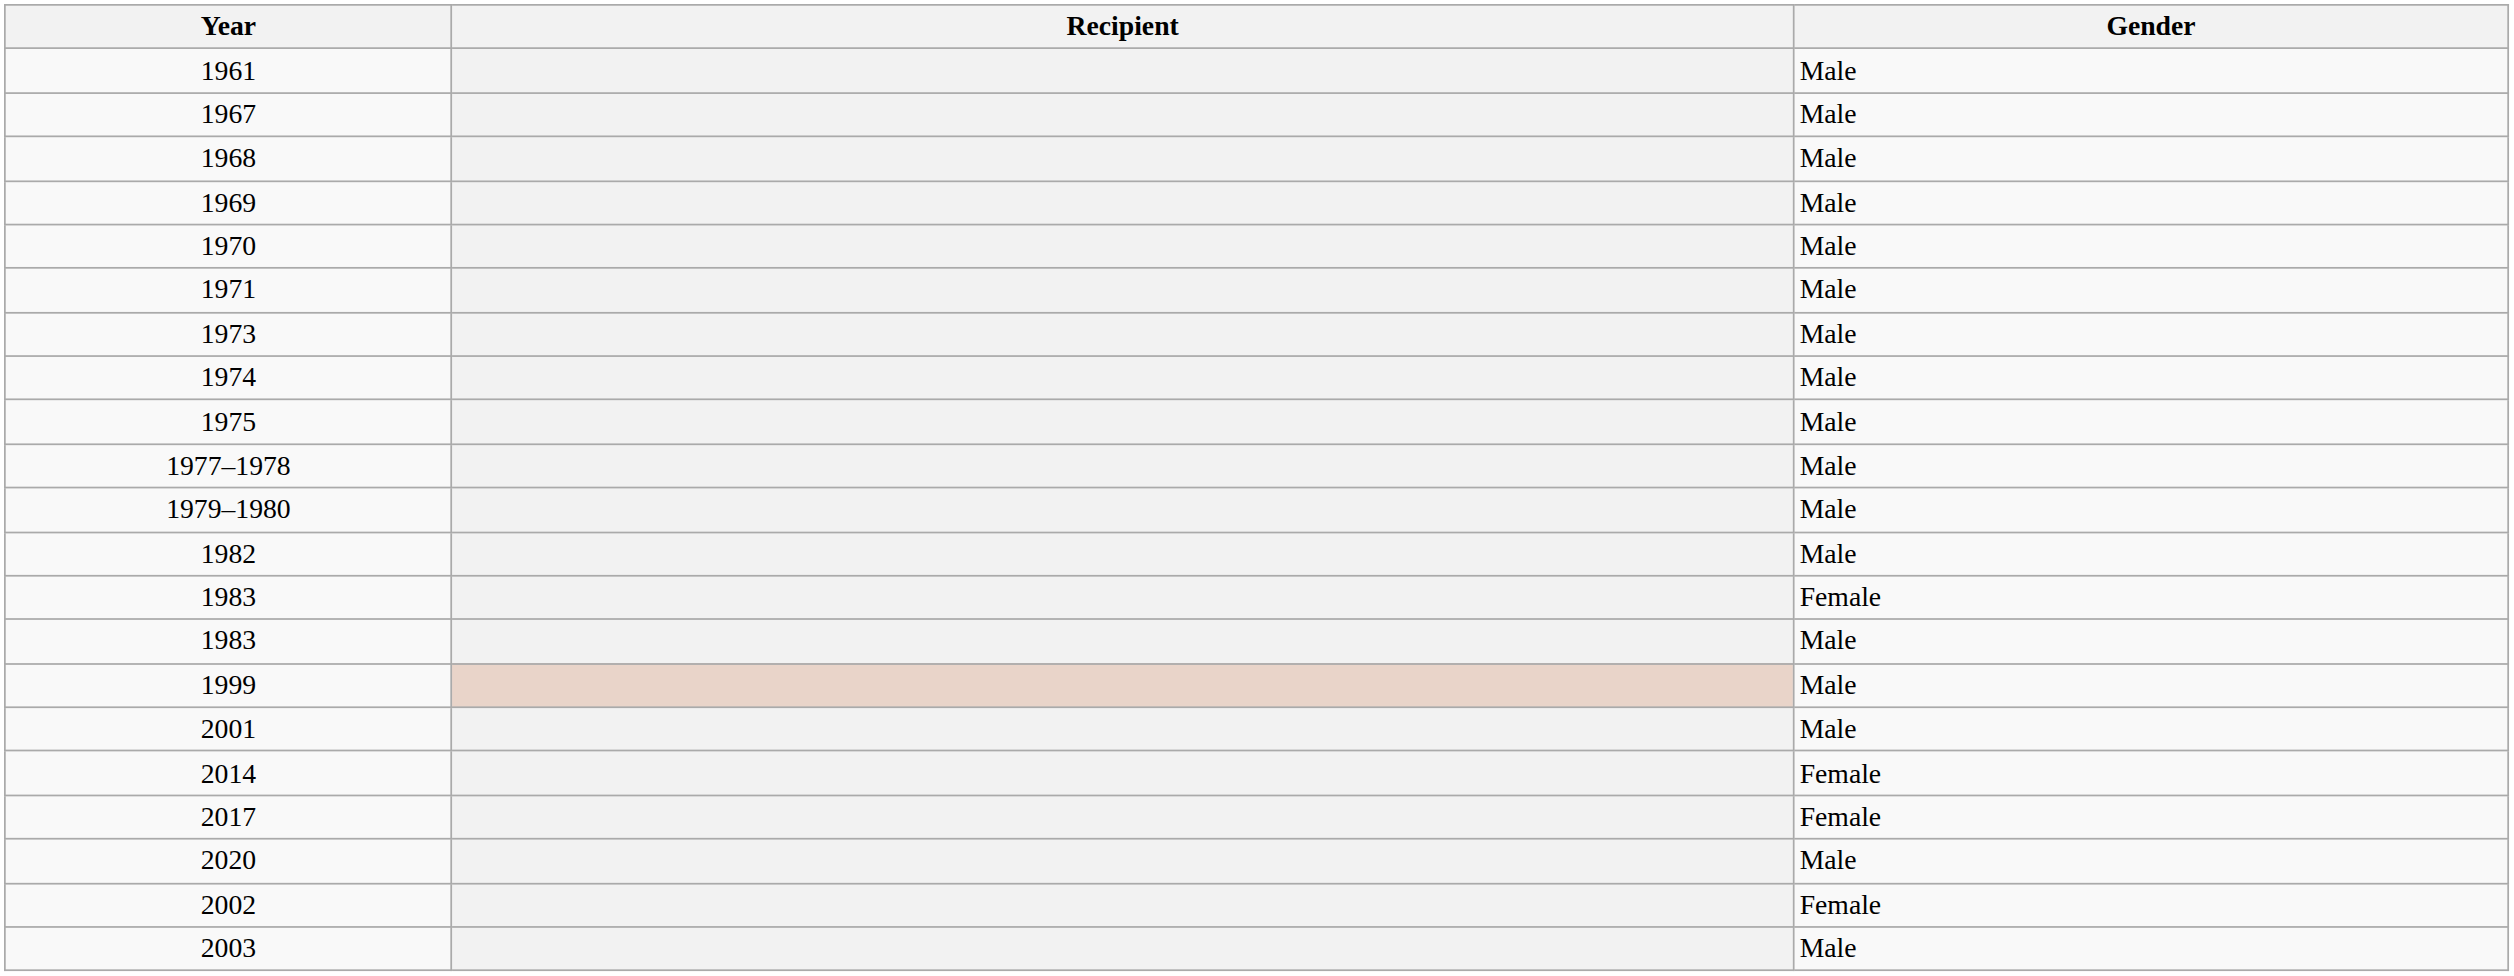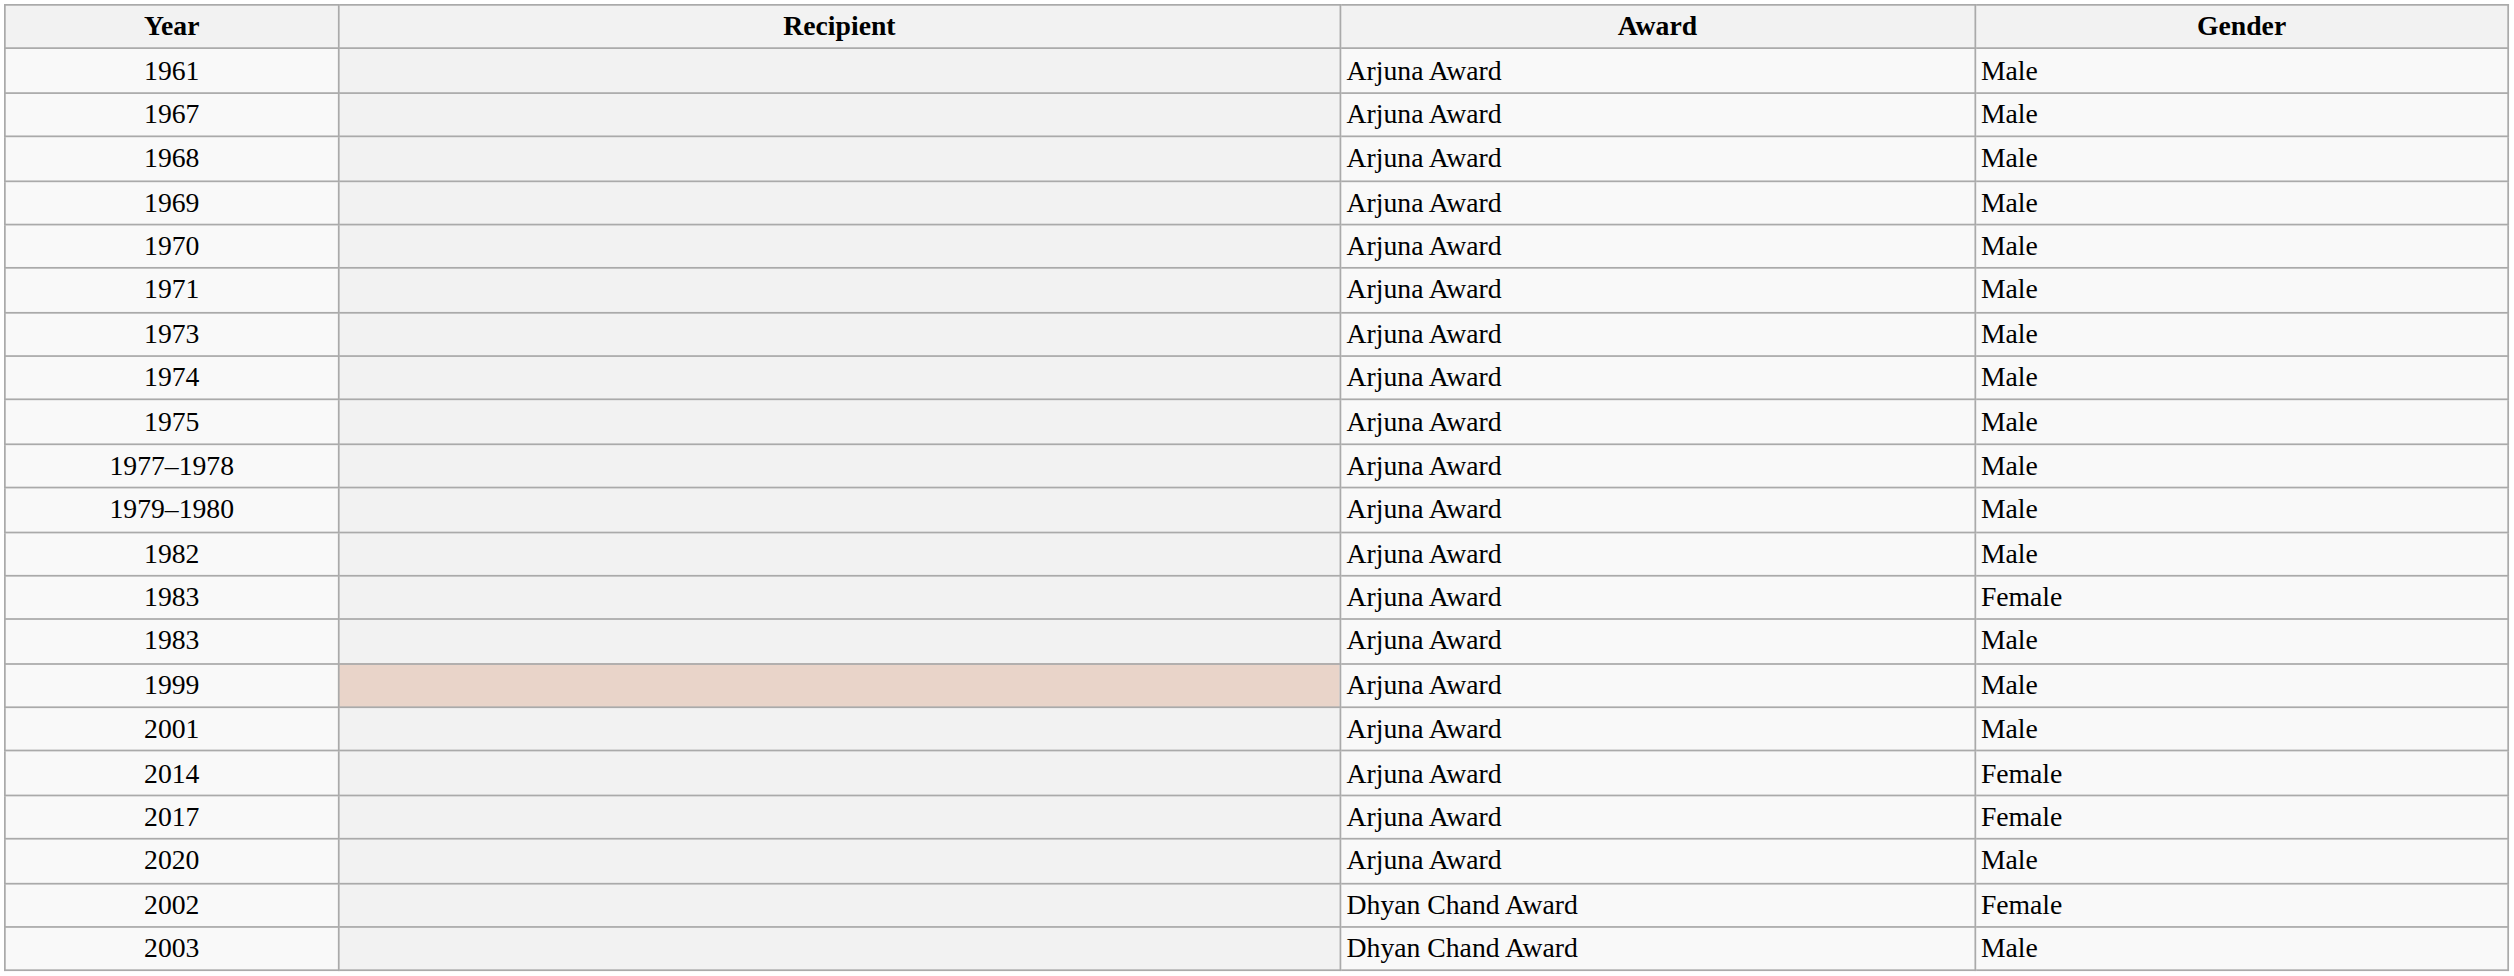 <table class="wikitable plainrowheaders sortable" style="width:73%">
 <tr>
 <th scope="col" style="width:10%">Year</th>
 <th scope="col" style="width:30%">Recipient</th>
+<th scope="col" style="width:19%">Award</th>
 <th scope="col" style="width:16%">Gender</th>
 </tr>
 <tr>
 <td style="text-align:center;">1961</td>
 <th scope="row"></th>
+<td>Arjuna Award</td>
 <td>Male</td>
 </tr>
 <tr>
 <td style="text-align:center;">1967</td>
 <th scope="row"></th>
+<td>Arjuna Award</td>
 <td>Male</td>
 </tr>
 <tr>
 <td style="text-align:center;">1968</td>
 <th scope="row"></th>
+<td>Arjuna Award</td>
 <td>Male</td>
 </tr>
 <tr>
 <td style="text-align:center;">1969</td>
 <th scope="row"></th>
+<td>Arjuna Award</td>
 <td>Male</td>
 </tr>
 <tr>
 <td style="text-align:center;">1970</td>
 <th scope="row"></th>
+<td>Arjuna Award</td>
 <td>Male</td>
 </tr>
 <tr>
 <td style="text-align:center;">1971</td>
 <th scope="row"></th>
+<td>Arjuna Award</td>
 <td>Male</td>
 </tr>
 <tr>
 <td style="text-align:center;">1973</td>
 <th scope="row"></th>
+<td>Arjuna Award</td>
 <td>Male</td>
 </tr>
 <tr>
 <td style="text-align:center;">1974</td>
 <th scope="row"></th>
+<td>Arjuna Award</td>
 <td>Male</td>
 </tr>
 <tr>
 <td style="text-align:center;">1975</td>
 <th scope="row"></th>
+<td>Arjuna Award</td>
 <td>Male</td>
 </tr>
 <tr>
 <td style="text-align:center;">1977–1978</td>
 <th scope="row"></th>
+<td>Arjuna Award</td>
 <td>Male</td>
 </tr>
 <tr>
 <td style="text-align:center;">1979–1980</td>
 <th scope="row"></th>
+<td>Arjuna Award</td>
 <td>Male</td>
 </tr>
 <tr>
 <td style="text-align:center;">1982</td>
 <th scope="row"></th>
+<td>Arjuna Award</td>
 <td>Male</td>
 </tr>
 <tr>
 <td style="text-align:center;">1983</td>
 <th scope="row"></th>
+<td>Arjuna Award</td>
 <td>Female</td>
 </tr>
 <tr>
 <td style="text-align:center;">1983</td>
 <th scope="row"></th>
+<td>Arjuna Award</td>
 <td>Male</td>
 </tr>
 <tr>
 <td style="text-align:center;">1999</td>
 <th scope="row" style="background-color:#E9D4C9"> </th>
+<td>Arjuna Award</td>
 <td>Male</td>
 </tr>
 <tr>
 <td style="text-align:center;">2001</td>
 <th scope="row"></th>
+<td>Arjuna Award</td>
 <td>Male</td>
 </tr>
 <tr>
 <td style="text-align:center;">2014</td>
 <th scope="row"></th>
+<td>Arjuna Award</td>
 <td>Female</td>
 </tr>
 <tr>
 <td style="text-align:center;">2017</td>
 <th scope="row"></th>
+<td>Arjuna Award</td>
 <td>Female</td>
 </tr>
 <tr>
 <td style="text-align:center;">2020</td>
 <th scope="row"></th>
+<td>Arjuna Award</td>
 <td>Male</td>
 </tr>
 <tr>
 <td style="text-align:center;">2002</td>
 <th scope="row"></th>
+<td>Dhyan Chand Award</td>
 <td>Female</td>
 </tr>
 <tr>
 <td style="text-align:center;">2003</td>
 <th scope="row"></th>
+<td>Dhyan Chand Award</td>
 <td>Male</td>
 </tr>
 </table>
